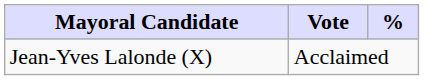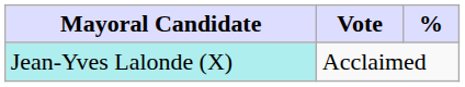 <table class="wikitable">
 <tr>
 <th style="background:#ddf; width:200px;">Mayoral Candidate </th>
 <th style="background:#ddf; width:50px;">Vote</th>
 <th style="background:#ddf; width:30px;">%</th>
 </tr>
 <tr>
-<td>Jean-Yves Lalonde (X)</td>
+<td style="background: paleturquoise;">Jean-Yves Lalonde (X)</td>
 <td colspan="2">Acclaimed</td>
 </tr>
 </table>
